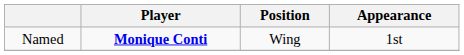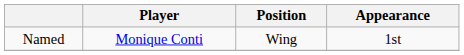 <table class="wikitable" style="text-align:center; font-size:100%; width:40%">
 <tr>
 <th></th>
 <th>Player</th>
 <th>Position</th>
 <th>Appearance</th>
 </tr>
 <tr>
 <td>Named</td>
-<td><strong><a href='#'>Monique Conti</a></strong></td>
+<td><a href='#'>Monique Conti</a></td>
 <td>Wing</td>
 <td>1st</td>
 </tr>
 <tr>
 </tr>
 </table>
